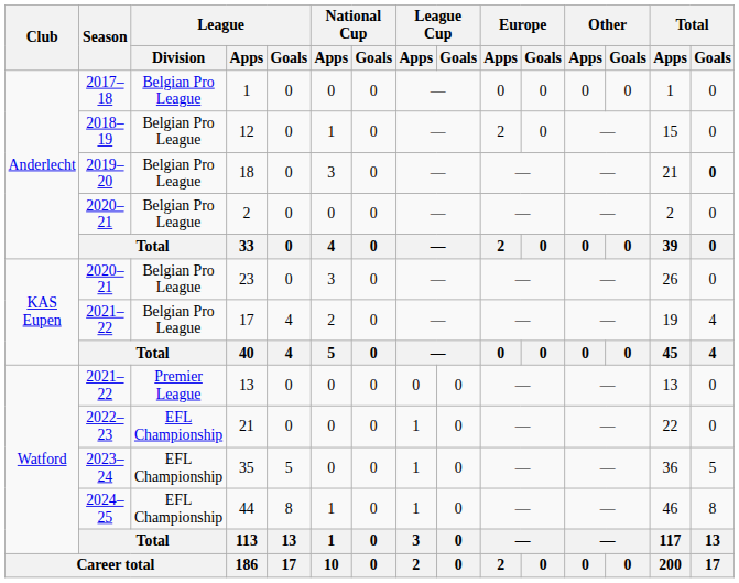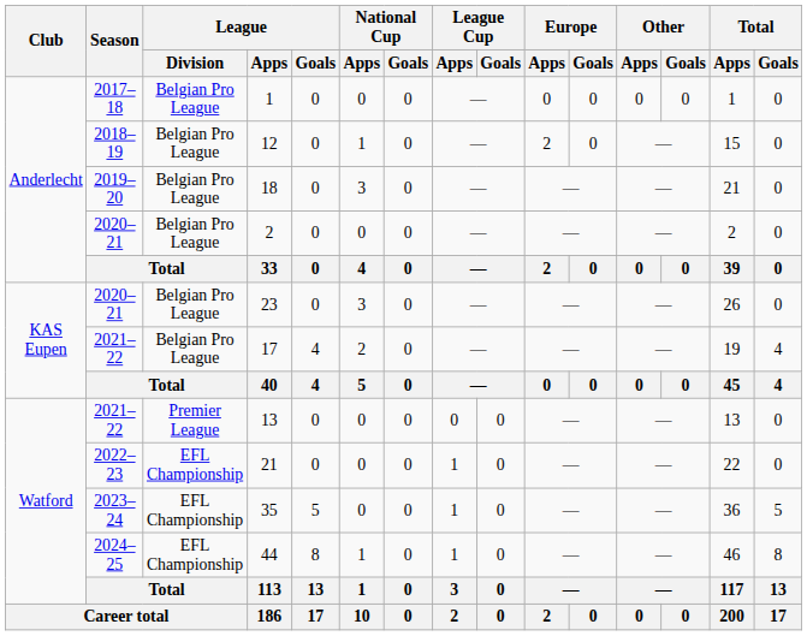 <table class=wikitable style=text-align:center>
 <tr>
 <th rowspan=2>Club</th>
 <th rowspan=2>Season</th>
 <th colspan=3>League</th>
 <th colspan=2>National Cup</th>
 <th colspan=2>League Cup</th>
 <th colspan=2>Europe</th>
 <th colspan=2>Other</th>
 <th colspan=2>Total</th>
 </tr>
 <tr>
 <th>Division</th>
 <th>Apps</th>
 <th>Goals</th>
 <th>Apps</th>
 <th>Goals</th>
 <th>Apps</th>
 <th>Goals</th>
 <th>Apps</th>
 <th>Goals</th>
 <th>Apps</th>
 <th>Goals</th>
 <th>Apps</th>
 <th>Goals</th>
 </tr>
 <tr>
 <td rowspan=5><a href='#'>Anderlecht</a></td>
 <td><a href='#'>2017–18</a></td>
 <td><a href='#'>Belgian Pro League</a></td>
 <td>1</td>
 <td>0</td>
 <td>0</td>
 <td>0</td>
 <td colspan=2>—</td>
 <td>0</td>
 <td>0</td>
 <td>0</td>
 <td>0</td>
 <td>1</td>
 <td>0</td>
 </tr>
 <tr>
 <td><a href='#'>2018–19</a></td>
 <td>Belgian Pro League</td>
 <td>12</td>
 <td>0</td>
 <td>1</td>
 <td>0</td>
 <td colspan=2>—</td>
 <td>2</td>
 <td>0</td>
 <td colspan=2>—</td>
 <td>15</td>
 <td>0</td>
 </tr>
 <tr>
 <td><a href='#'>2019–20</a></td>
 <td>Belgian Pro League</td>
 <td>18</td>
 <td>0</td>
 <td>3</td>
 <td>0</td>
 <td colspan=2>—</td>
 <td colspan=2>—</td>
 <td colspan=2>—</td>
 <td>21</td>
-<td><strong>0</strong></td>
+<td>0</td>
 </tr>
 <tr>
 <td><a href='#'>2020–21</a></td>
 <td>Belgian Pro League</td>
 <td>2</td>
 <td>0</td>
 <td>0</td>
 <td>0</td>
 <td colspan=2>—</td>
 <td colspan=2>—</td>
 <td colspan=2>—</td>
 <td>2</td>
 <td>0</td>
 </tr>
 <tr>
 <th colspan=2>Total</th>
 <th>33</th>
 <th>0</th>
 <th>4</th>
 <th>0</th>
 <th colspan=2>—</th>
 <th>2</th>
 <th>0</th>
 <th>0</th>
 <th>0</th>
 <th>39</th>
 <th>0</th>
 </tr>
 <tr>
 <td rowspan=3><a href='#'>KAS Eupen</a></td>
 <td><a href='#'>2020–21</a></td>
 <td>Belgian Pro League</td>
 <td>23</td>
 <td>0</td>
 <td>3</td>
 <td>0</td>
 <td colspan=2>—</td>
 <td colspan=2>—</td>
 <td colspan=2>—</td>
 <td>26</td>
 <td>0</td>
 </tr>
 <tr>
 <td><a href='#'>2021–22</a></td>
 <td>Belgian Pro League</td>
 <td>17</td>
 <td>4</td>
 <td>2</td>
 <td>0</td>
 <td colspan=2>—</td>
 <td colspan=2>—</td>
 <td colspan=2>—</td>
 <td>19</td>
 <td>4</td>
 </tr>
 <tr>
 <th colspan="2">Total</th>
 <th>40</th>
 <th>4</th>
 <th>5</th>
 <th>0</th>
 <th colspan=2>—</th>
 <th>0</th>
 <th>0</th>
 <th>0</th>
 <th>0</th>
 <th>45</th>
 <th>4</th>
 </tr>
 <tr>
 <td rowspan="5"><a href='#'>Watford</a></td>
 <td><a href='#'>2021–22</a></td>
 <td><a href='#'>Premier League</a></td>
 <td>13</td>
 <td>0</td>
 <td>0</td>
 <td>0</td>
 <td>0</td>
 <td>0</td>
 <td colspan=2>—</td>
 <td colspan=2>—</td>
 <td>13</td>
 <td>0</td>
 </tr>
 <tr>
 <td><a href='#'>2022–23</a></td>
 <td><a href='#'>EFL Championship</a></td>
 <td>21</td>
 <td>0</td>
 <td>0</td>
 <td>0</td>
 <td>1</td>
 <td>0</td>
 <td colspan=2>—</td>
 <td colspan=2>—</td>
 <td>22</td>
 <td>0</td>
 </tr>
 <tr>
 <td><a href='#'>2023–24</a></td>
 <td>EFL Championship</td>
 <td>35</td>
 <td>5</td>
 <td>0</td>
 <td>0</td>
 <td>1</td>
 <td>0</td>
 <td colspan=2>—</td>
 <td colspan=2>—</td>
 <td>36</td>
 <td>5</td>
 </tr>
 <tr>
 <td><a href='#'>2024–25</a></td>
 <td>EFL Championship</td>
 <td>44</td>
 <td>8</td>
 <td>1</td>
 <td>0</td>
 <td>1</td>
 <td>0</td>
 <td colspan="2">—</td>
 <td colspan="2">—</td>
 <td>46</td>
 <td>8</td>
 </tr>
 <tr>
 <th colspan="2">Total</th>
 <th>113</th>
 <th>13</th>
 <th>1</th>
 <th>0</th>
 <th>3</th>
 <th>0</th>
 <th colspan="2">—</th>
 <th colspan="2">—</th>
 <th>117</th>
 <th>13</th>
 </tr>
 <tr>
 <th colspan="3">Career total</th>
 <th>186</th>
 <th>17</th>
 <th>10</th>
 <th>0</th>
 <th>2</th>
 <th>0</th>
 <th>2</th>
 <th>0</th>
 <th>0</th>
 <th>0</th>
 <th>200</th>
 <th>17</th>
 </tr>
 </table>
